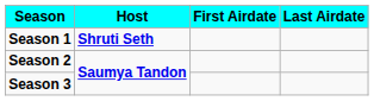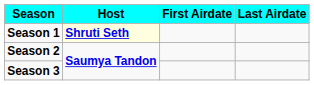 <table class="wikitable" style="font-size:90%;">
 <tr>
 <th style="background:aqua;">Season</th>
 <th style="background:aqua;">Host</th>
 <th style="background:aqua;">First Airdate</th>
 <th style="background:aqua;">Last Airdate</th>
 </tr>
 <tr>
 <td><strong>Season 1</strong></td>
-<td><strong><a href='#'>Shruti Seth</a></strong></td>
+<td style="background: lightyellow;"><strong><a href='#'>Shruti Seth</a></strong></td>
 <td></td>
 <td></td>
 </tr>
 <tr>
 <td><strong>Season 2</strong></td>
 <td rowspan=2><strong><a href='#'>Saumya Tandon</a></strong></td>
 <td></td>
 <td></td>
 </tr>
 <tr>
 <td><strong>Season 3</strong></td>
 <td></td>
 <td></td>
 </tr>
 </table>
